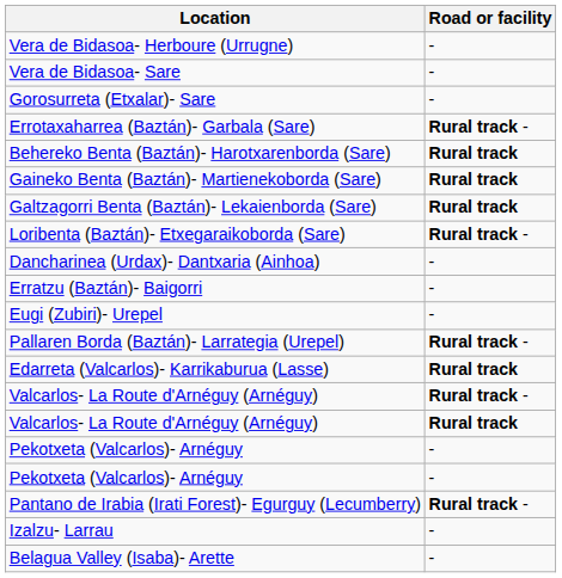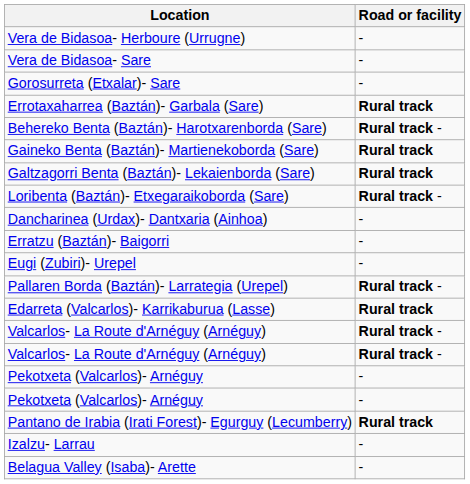 <table class="wikitable">
 <tr>
 <th>Location</th>
 <th>Road or facility</th>
 </tr>
 <tr>
 <td> <a href='#'>Vera de Bidasoa</a>- <a href='#'>Herboure</a> (<a href='#'>Urrugne</a>)</td>
 <td> - </td>
 </tr>
 <tr>
 <td> <a href='#'>Vera de Bidasoa</a>- <a href='#'>Sare</a></td>
 <td> - </td>
 </tr>
 <tr>
 <td> <a href='#'>Gorosurreta</a> (<a href='#'>Etxalar</a>)- <a href='#'>Sare</a></td>
 <td> - </td>
 </tr>
 <tr>
 <td> <a href='#'>Errotaxaharrea</a> (<a href='#'>Baztán</a>)- <a href='#'>Garbala</a> (<a href='#'>Sare</a>)</td>
-<td><strong>Rural track</strong> - </td>
+<td><strong>Rural track</strong></td>
 </tr>
 <tr>
 <td> <a href='#'>Behereko Benta</a> (<a href='#'>Baztán</a>)- <a href='#'>Harotxarenborda</a> (<a href='#'>Sare</a>)</td>
-<td><strong>Rural track</strong></td>
+<td><strong>Rural track</strong> - </td>
 </tr>
 <tr>
 <td> <a href='#'>Gaineko Benta</a> (<a href='#'>Baztán</a>)- <a href='#'>Martienekoborda</a> (<a href='#'>Sare</a>)</td>
 <td><strong>Rural track</strong></td>
 </tr>
 <tr>
 <td> <a href='#'>Galtzagorri Benta</a> (<a href='#'>Baztán</a>)- <a href='#'>Lekaienborda</a> (<a href='#'>Sare</a>)</td>
 <td><strong>Rural track</strong></td>
 </tr>
 <tr>
 <td> <a href='#'>Loribenta</a> (<a href='#'>Baztán</a>)- <a href='#'>Etxegaraikoborda</a> (<a href='#'>Sare</a>)</td>
 <td><strong>Rural track</strong> - </td>
 </tr>
 <tr>
 <td> <a href='#'>Dancharinea</a> (<a href='#'>Urdax</a>)- <a href='#'>Dantxaria</a> (<a href='#'>Ainhoa</a>)</td>
 <td> - </td>
 </tr>
 <tr>
 <td> <a href='#'>Erratzu</a> (<a href='#'>Baztán</a>)- <a href='#'>Baigorri</a></td>
 <td> - </td>
 </tr>
 <tr>
 <td> <a href='#'>Eugi</a> (<a href='#'>Zubiri</a>)- <a href='#'>Urepel</a></td>
 <td> - </td>
 </tr>
 <tr>
 <td> <a href='#'>Pallaren Borda</a> (<a href='#'>Baztán</a>)- <a href='#'>Larrategia</a> (<a href='#'>Urepel</a>)</td>
 <td><strong>Rural track</strong> - </td>
 </tr>
 <tr>
 <td> <a href='#'>Edarreta</a> (<a href='#'>Valcarlos</a>)- <a href='#'>Karrikaburua</a> (<a href='#'>Lasse</a>)</td>
 <td><strong>Rural track</strong></td>
 </tr>
 <tr>
 <td> <a href='#'>Valcarlos</a>- <a href='#'>La Route d'Arnéguy</a> (<a href='#'>Arnéguy</a>)</td>
 <td><strong>Rural track</strong> - </td>
 </tr>
 <tr>
 <td> <a href='#'>Valcarlos</a>- <a href='#'>La Route d'Arnéguy</a> (<a href='#'>Arnéguy</a>)</td>
-<td><strong>Rural track</strong></td>
+<td><strong>Rural track</strong> - </td>
 </tr>
 <tr>
 <td> <a href='#'>Pekotxeta</a> (<a href='#'>Valcarlos</a>)- <a href='#'>Arnéguy</a></td>
 <td> - </td>
 </tr>
 <tr>
 <td> <a href='#'>Pekotxeta</a> (<a href='#'>Valcarlos</a>)- <a href='#'>Arnéguy</a></td>
 <td> - </td>
 </tr>
 <tr>
 <td> <a href='#'>Pantano de Irabia</a> (<a href='#'>Irati Forest</a>)- <a href='#'>Egurguy</a> (<a href='#'>Lecumberry</a>)</td>
-<td><strong>Rural track</strong> - </td>
+<td><strong>Rural track</strong></td>
 </tr>
 <tr>
 <td> <a href='#'>Izalzu</a>- <a href='#'>Larrau</a></td>
 <td> - </td>
 </tr>
 <tr>
 <td> <a href='#'>Belagua Valley</a> (<a href='#'>Isaba</a>)- <a href='#'>Arette</a></td>
 <td> - </td>
 </tr>
 </table>
